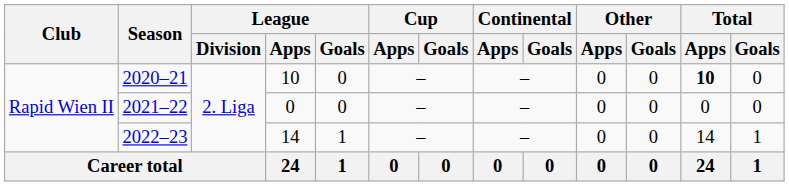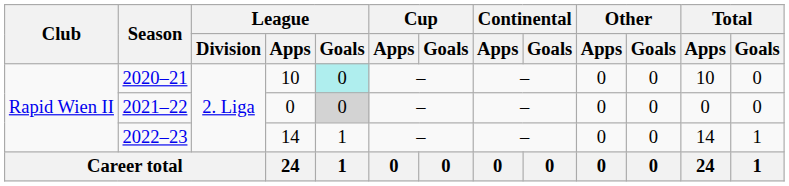 <table class="wikitable" style="text-align: center">
 <tr>
 <th rowspan="2">Club</th>
 <th rowspan="2">Season</th>
 <th colspan="3">League</th>
 <th colspan="2">Cup</th>
 <th colspan="2">Continental</th>
 <th colspan="2">Other</th>
 <th colspan="2">Total</th>
 </tr>
 <tr>
 <th>Division</th>
 <th>Apps</th>
 <th>Goals</th>
 <th>Apps</th>
 <th>Goals</th>
 <th>Apps</th>
 <th>Goals</th>
 <th>Apps</th>
 <th>Goals</th>
 <th>Apps</th>
 <th>Goals</th>
 </tr>
 <tr>
 <td rowspan="3"><a href='#'>Rapid Wien II</a></td>
 <td><a href='#'>2020–21</a></td>
 <td rowspan="3"><a href='#'>2. Liga</a></td>
 <td>10</td>
-<td>0</td>
+<td style="background: paleturquoise;">0</td>
 <td colspan="2">–</td>
 <td colspan="2">–</td>
 <td>0</td>
 <td>0</td>
-<td><strong>10</strong></td>
+<td>10</td>
 <td>0</td>
 </tr>
 <tr>
 <td><a href='#'>2021–22</a></td>
 <td>0</td>
-<td>0</td>
+<td style="background: lightgrey;">0</td>
 <td colspan="2">–</td>
 <td colspan="2">–</td>
 <td>0</td>
 <td>0</td>
 <td>0</td>
 <td>0</td>
 </tr>
 <tr>
 <td><a href='#'>2022–23</a></td>
 <td>14</td>
 <td>1</td>
 <td colspan="2">–</td>
 <td colspan="2">–</td>
 <td>0</td>
 <td>0</td>
 <td>14</td>
 <td>1</td>
 </tr>
 <tr>
 <th colspan=3>Career total</th>
 <th>24</th>
 <th>1</th>
 <th>0</th>
 <th>0</th>
 <th>0</th>
 <th>0</th>
 <th>0</th>
 <th>0</th>
 <th>24</th>
 <th>1</th>
 </tr>
 </table>
